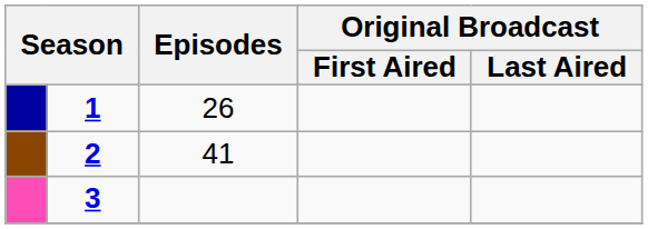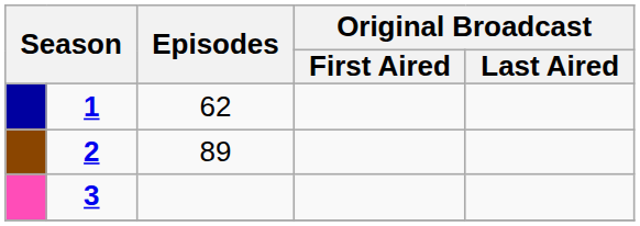 <table class="wikitable" style="text-align:center">
 <tr>
 <th style="padding: 0 8px" colspan="2" rowspan="2">Season</th>
 <th style="padding: 0 8px" rowspan="2">Episodes</th>
 <th colspan="2">Original Broadcast</th>
 </tr>
 <tr>
 <th style="padding: 0 8px">First Aired</th>
 <th style="padding: 0 8px">Last Aired</th>
 </tr>
 <tr>
 <td style="background:#0000A0"></td>
 <td align="center"><strong><a href='#'>1</a></strong></td>
-<td>26</td>
+<td>62</td>
 <td align="center"></td>
 <td></td>
 </tr>
 <tr>
 <td style="background:#8A4500"></td>
 <td align="center"><strong><a href='#'>2</a></strong></td>
-<td>41</td>
+<td>89</td>
 <td align="center"></td>
 <td></td>
 </tr>
 <tr>
 <td style="background:#FF4DB8"></td>
 <td align="center"><strong><a href='#'>3</a></strong></td>
 <td></td>
 <td align="center"></td>
 <td></td>
 </tr>
 <tr>
 </tr>
 </table>
